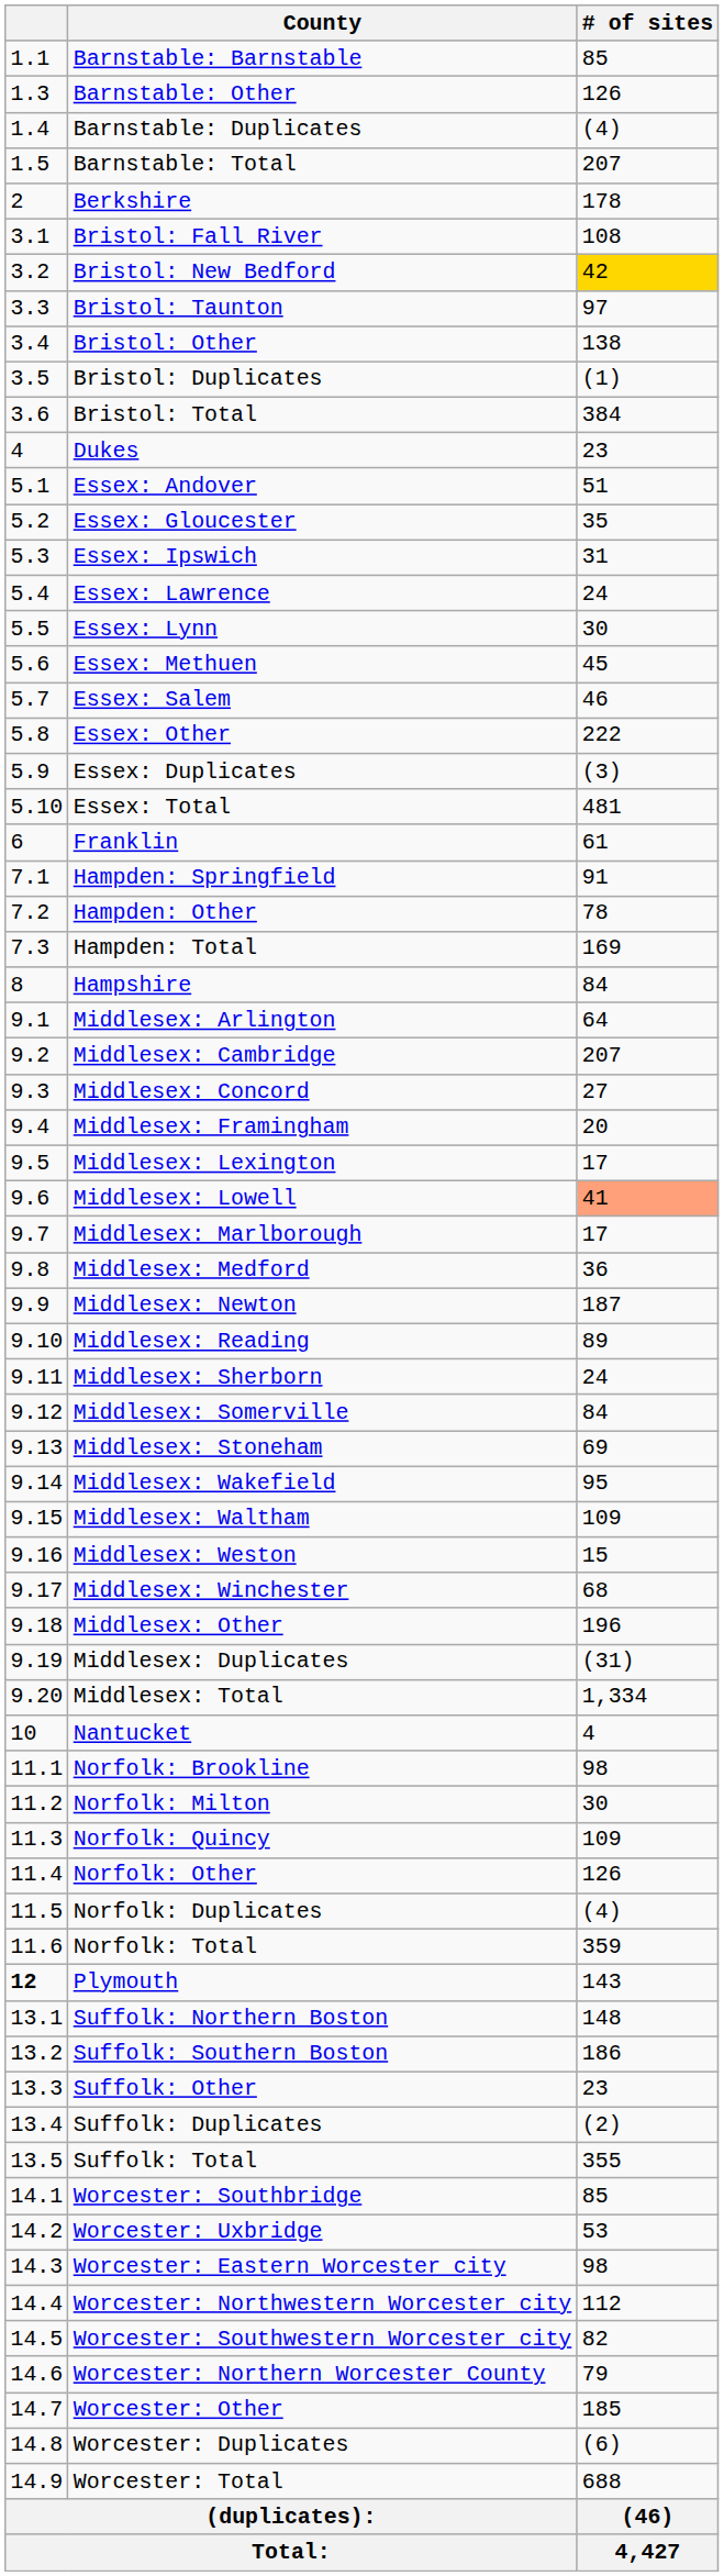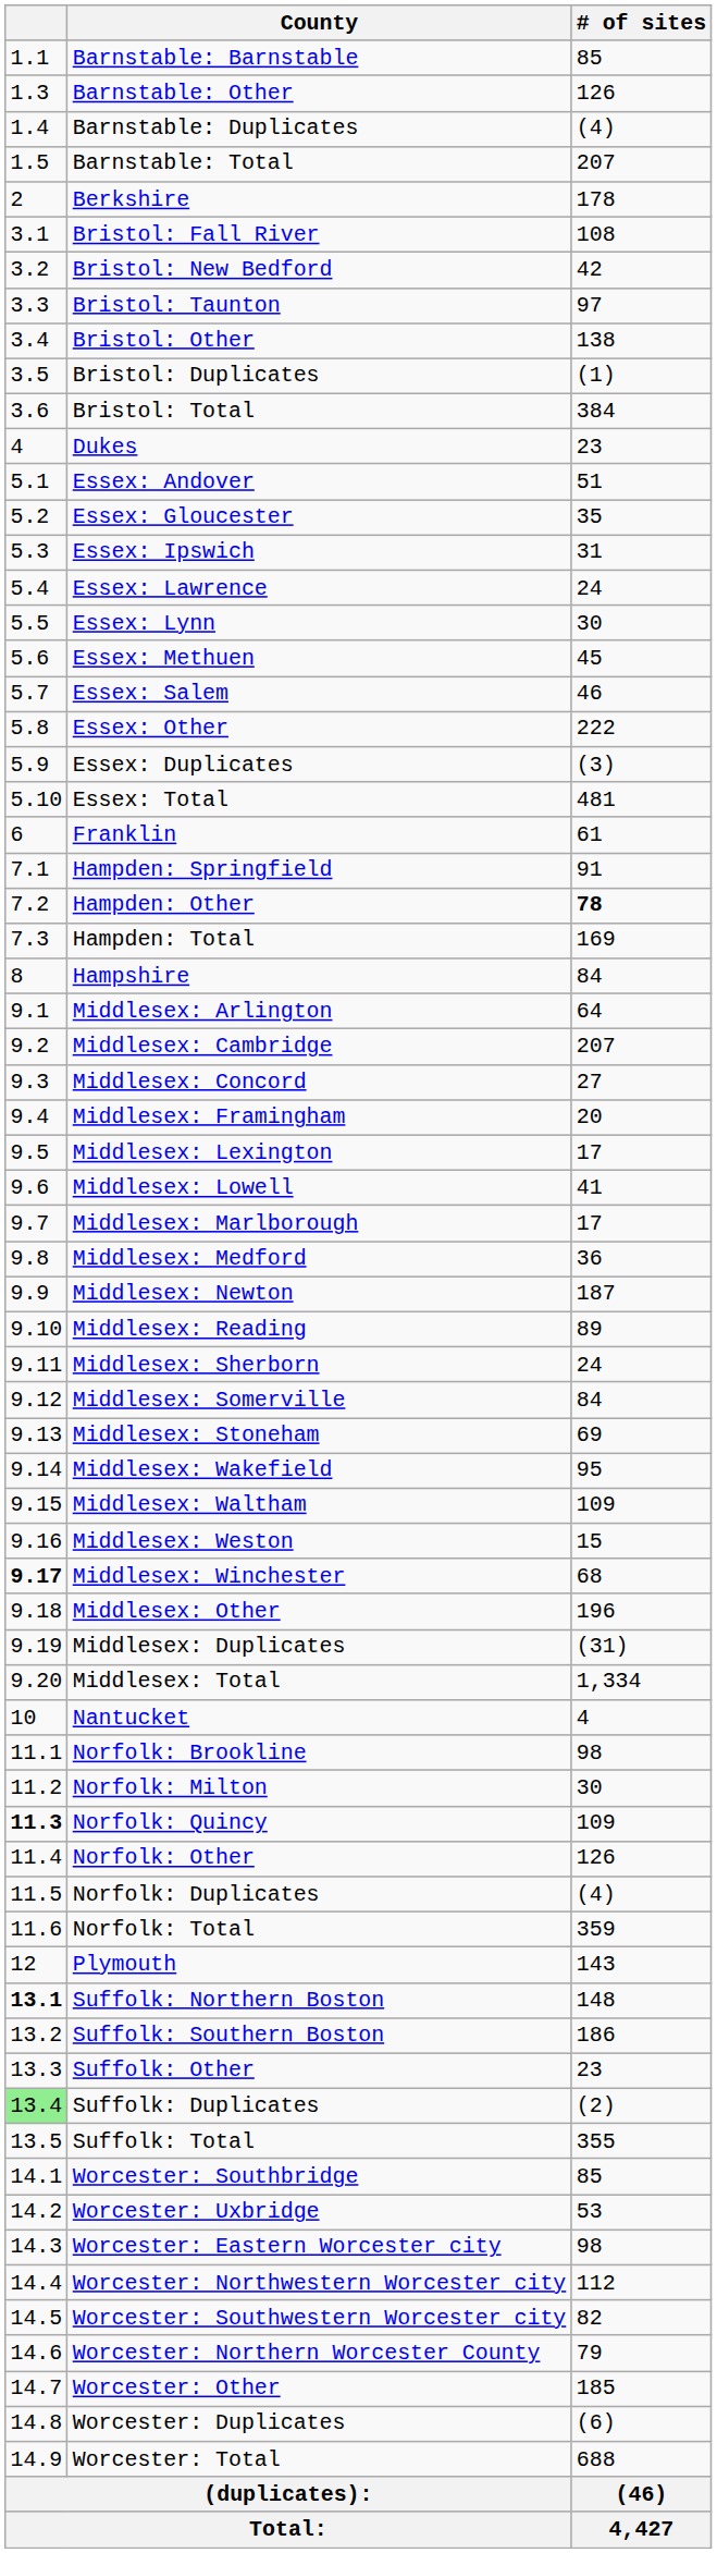 <table class="wikitable sortable">
 <tr>
 <th></th>
 <th><strong>County</strong></th>
 <th><strong># of sites</strong></th>
 </tr>
 <tr ->
 <td>1.1</td>
 <td><a href='#'>Barnstable: Barnstable</a></td>
 <td>85</td>
 </tr>
 <tr ->
 <td>1.3</td>
 <td><a href='#'>Barnstable: Other</a></td>
 <td>126</td>
 </tr>
 <tr>
 <td>1.4</td>
 <td>Barnstable: Duplicates</td>
 <td>(4)</td>
 </tr>
 <tr ->
 <td>1.5</td>
 <td>Barnstable: Total</td>
 <td>207</td>
 </tr>
 <tr ->
 <td>2</td>
 <td><a href='#'>Berkshire</a></td>
 <td>178</td>
 </tr>
 <tr ->
 <td>3.1</td>
 <td><a href='#'>Bristol: Fall River</a></td>
 <td>108</td>
 </tr>
 <tr ->
 <td>3.2</td>
 <td><a href='#'>Bristol: New Bedford</a></td>
-<td style="background: gold;">42</td>
+<td>42</td>
 </tr>
 <tr ->
 <td>3.3</td>
 <td><a href='#'>Bristol: Taunton</a></td>
 <td>97</td>
 </tr>
 <tr ->
 <td>3.4</td>
 <td><a href='#'>Bristol: Other</a></td>
 <td>138</td>
 </tr>
 <tr ->
 <td>3.5</td>
 <td>Bristol: Duplicates</td>
 <td>(1)</td>
 </tr>
 <tr ->
 <td>3.6</td>
 <td>Bristol: Total</td>
 <td>384</td>
 </tr>
 <tr ->
 <td>4</td>
 <td><a href='#'>Dukes</a></td>
 <td>23</td>
 </tr>
 <tr ->
 <td>5.1</td>
 <td><a href='#'>Essex: Andover</a></td>
 <td>51</td>
 </tr>
 <tr ->
 <td>5.2</td>
 <td><a href='#'>Essex: Gloucester</a></td>
 <td>35</td>
 </tr>
 <tr ->
 <td>5.3</td>
 <td><a href='#'>Essex: Ipswich</a></td>
 <td>31</td>
 </tr>
 <tr ->
 <td>5.4</td>
 <td><a href='#'>Essex: Lawrence</a></td>
 <td>24</td>
 </tr>
 <tr ->
 <td>5.5</td>
 <td><a href='#'>Essex: Lynn</a></td>
 <td>30</td>
 </tr>
 <tr ->
 <td>5.6</td>
 <td><a href='#'>Essex: Methuen</a></td>
 <td>45</td>
 </tr>
 <tr ->
 <td>5.7</td>
 <td><a href='#'>Essex: Salem</a></td>
 <td>46</td>
 </tr>
 <tr ->
 <td>5.8</td>
 <td><a href='#'>Essex: Other</a></td>
 <td>222</td>
 </tr>
 <tr ->
 <td>5.9</td>
 <td>Essex: Duplicates</td>
 <td>(3)</td>
 </tr>
 <tr ->
 <td>5.10</td>
 <td>Essex: Total</td>
 <td>481</td>
 </tr>
 <tr ->
 <td>6</td>
 <td><a href='#'>Franklin</a></td>
 <td>61</td>
 </tr>
 <tr ->
 <td>7.1</td>
 <td><a href='#'>Hampden: Springfield</a></td>
 <td>91</td>
 </tr>
 <tr ->
 <td>7.2</td>
 <td><a href='#'>Hampden: Other</a></td>
-<td>78</td>
+<td><strong>78</strong></td>
 </tr>
 <tr ->
 <td>7.3</td>
 <td>Hampden: Total</td>
 <td>169</td>
 </tr>
 <tr ->
 <td>8</td>
 <td><a href='#'>Hampshire</a></td>
 <td>84</td>
 </tr>
 <tr ->
 <td>9.1</td>
 <td><a href='#'>Middlesex: Arlington</a></td>
 <td>64</td>
 </tr>
 <tr ->
 <td>9.2</td>
 <td><a href='#'>Middlesex: Cambridge</a></td>
 <td>207</td>
 </tr>
 <tr ->
 <td>9.3</td>
 <td><a href='#'>Middlesex: Concord</a></td>
 <td>27</td>
 </tr>
 <tr ->
 <td>9.4</td>
 <td><a href='#'>Middlesex: Framingham</a></td>
 <td>20</td>
 </tr>
 <tr ->
 <td>9.5</td>
 <td><a href='#'>Middlesex: Lexington</a></td>
 <td>17</td>
 </tr>
 <tr ->
 <td>9.6</td>
 <td><a href='#'>Middlesex: Lowell</a></td>
-<td style="background: lightsalmon;">41</td>
+<td>41</td>
 </tr>
 <tr ->
 <td>9.7</td>
 <td><a href='#'>Middlesex: Marlborough</a></td>
 <td>17</td>
 </tr>
 <tr ->
 <td>9.8</td>
 <td><a href='#'>Middlesex: Medford</a></td>
 <td>36</td>
 </tr>
 <tr ->
 <td>9.9</td>
 <td><a href='#'>Middlesex: Newton</a></td>
 <td>187</td>
 </tr>
 <tr ->
 <td>9.10</td>
 <td><a href='#'>Middlesex: Reading</a></td>
 <td>89</td>
 </tr>
 <tr ->
 <td>9.11</td>
 <td><a href='#'>Middlesex: Sherborn</a></td>
 <td>24</td>
 </tr>
 <tr ->
 <td>9.12</td>
 <td><a href='#'>Middlesex: Somerville</a></td>
 <td>84</td>
 </tr>
 <tr ->
 <td>9.13</td>
 <td><a href='#'>Middlesex: Stoneham</a></td>
 <td>69</td>
 </tr>
 <tr ->
 <td>9.14</td>
 <td><a href='#'>Middlesex: Wakefield</a></td>
 <td>95</td>
 </tr>
 <tr ->
 <td>9.15</td>
 <td><a href='#'>Middlesex: Waltham</a></td>
 <td>109</td>
 </tr>
 <tr ->
 <td>9.16</td>
 <td><a href='#'>Middlesex: Weston</a></td>
 <td>15</td>
 </tr>
 <tr ->
-<td>9.17</td>
+<td><strong>9.17</strong></td>
 <td><a href='#'>Middlesex: Winchester</a></td>
 <td>68</td>
 </tr>
 <tr ->
 <td>9.18</td>
 <td><a href='#'>Middlesex: Other</a></td>
 <td>196</td>
 </tr>
 <tr ->
 <td>9.19</td>
 <td>Middlesex: Duplicates</td>
 <td>(31)</td>
 </tr>
 <tr ->
 <td>9.20</td>
 <td>Middlesex: Total</td>
 <td>1,334</td>
 </tr>
 <tr ->
 <td>10</td>
 <td><a href='#'>Nantucket</a></td>
 <td>4</td>
 </tr>
 <tr ->
 <td>11.1</td>
 <td><a href='#'>Norfolk: Brookline</a></td>
 <td>98</td>
 </tr>
 <tr ->
 <td>11.2</td>
 <td><a href='#'>Norfolk: Milton</a></td>
 <td>30</td>
 </tr>
 <tr ->
-<td>11.3</td>
+<td><strong>11.3</strong></td>
 <td><a href='#'>Norfolk: Quincy</a></td>
 <td>109</td>
 </tr>
 <tr ->
 <td>11.4</td>
 <td><a href='#'>Norfolk: Other</a></td>
 <td>126</td>
 </tr>
 <tr ->
 <td>11.5</td>
 <td>Norfolk: Duplicates</td>
 <td>(4)</td>
 </tr>
 <tr ->
 <td>11.6</td>
 <td>Norfolk: Total</td>
 <td>359</td>
 </tr>
 <tr ->
-<td><strong>12</strong></td>
+<td>12</td>
 <td><a href='#'>Plymouth</a></td>
 <td>143</td>
 </tr>
 <tr ->
-<td>13.1</td>
+<td><strong>13.1</strong></td>
 <td><a href='#'>Suffolk: Northern Boston</a></td>
 <td>148</td>
 </tr>
 <tr ->
 <td>13.2</td>
 <td><a href='#'>Suffolk: Southern Boston</a></td>
 <td>186</td>
 </tr>
 <tr ->
 <td>13.3</td>
 <td><a href='#'>Suffolk: Other</a></td>
 <td>23</td>
 </tr>
 <tr ->
-<td>13.4</td>
+<td style="background: lightgreen;">13.4</td>
 <td>Suffolk: Duplicates</td>
 <td>(2)</td>
 </tr>
 <tr ->
 <td>13.5</td>
 <td>Suffolk: Total</td>
 <td>355</td>
 </tr>
 <tr ->
 <td>14.1</td>
 <td><a href='#'>Worcester: Southbridge</a></td>
 <td>85</td>
 </tr>
 <tr ->
 <td>14.2</td>
 <td><a href='#'>Worcester: Uxbridge</a></td>
 <td>53</td>
 </tr>
 <tr ->
 <td>14.3</td>
 <td><a href='#'>Worcester: Eastern Worcester city</a></td>
 <td>98</td>
 </tr>
 <tr ->
 <td>14.4</td>
 <td><a href='#'>Worcester: Northwestern Worcester city</a></td>
 <td>112</td>
 </tr>
 <tr ->
 <td>14.5</td>
 <td><a href='#'>Worcester: Southwestern Worcester city</a></td>
 <td>82</td>
 </tr>
 <tr ->
 <td>14.6</td>
 <td><a href='#'>Worcester: Northern Worcester County</a></td>
 <td>79</td>
 </tr>
 <tr ->
 <td>14.7</td>
 <td><a href='#'>Worcester: Other</a></td>
 <td>185</td>
 </tr>
 <tr ->
 <td>14.8</td>
 <td>Worcester: Duplicates</td>
 <td>(6)</td>
 </tr>
 <tr ->
 <td>14.9</td>
 <td>Worcester: Total</td>
 <td>688</td>
 </tr>
 <tr class="sortbottom">
 <th colspan="2">(duplicates):</th>
 <th>(46)</th>
 </tr>
 <tr class="sortbottom">
 <th colspan="2">Total:</th>
 <th>4,427</th>
 </tr>
 </table>
